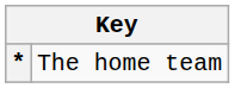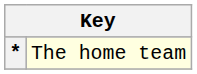 <table class="wikitable plainrowheaders">
 <tr>
 <th colspan="2" scope="col">Key</th>
 </tr>
 <tr>
 <th style="text-align:left" scope="row">*</th>
-<td style="text-align:left">The home team</td>
+<td style="background: lightyellow; text-align:left">The home team</td>
 </tr>
 </table>
